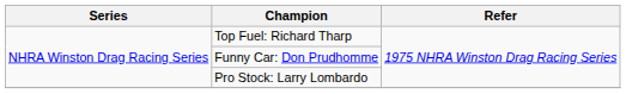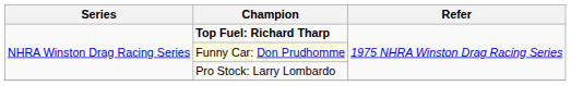 <table class="wikitable" style="font-size:87%;">
 <tr>
 <th>Series</th>
 <th>Champion</th>
 <th>Refer</th>
 </tr>
 <tr>
 <td rowspan=3><a href='#'>NHRA Winston Drag Racing Series</a></td>
-<td>Top Fuel:  Richard Tharp</td>
+<td><strong>Top Fuel:  Richard Tharp</strong></td>
 <td rowspan=3><em><a href='#'>1975 NHRA Winston Drag Racing Series</a></em></td>
 </tr>
 <tr>
-<td>Funny Car:  <a href='#'>Don Prudhomme</a></td>
+<td style="background: lightyellow;">Funny Car:  <a href='#'>Don Prudhomme</a></td>
 </tr>
 <tr>
 <td>Pro Stock:  Larry Lombardo</td>
 </tr>
 <tr>
 </tr>
 </table>
